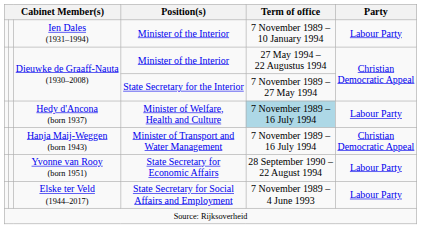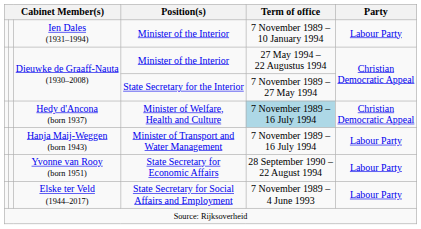 <table class="wikitable" style="text-align:center">
 <tr>
 <th colspan=3>Cabinet Member(s)</th>
 <th>Position(s)</th>
 <th>Term of office</th>
 <th>Party</th>
 </tr>
 <tr>
 <td style="background:"></td>
 <td></td>
 <td><a href='#'>Ien Dales</a> <br> <small>(1931–1994)</small></td>
 <td><a href='#'>Minister of the Interior</a></td>
 <td>7 November 1989 – <br> 10 January 1994</td>
 <td><a href='#'>Labour Party</a></td>
 </tr>
 <tr>
 <td rowspan=2 style="background:"></td>
 <td rowspan=2></td>
 <td rowspan=2><a href='#'>Dieuwke de Graaff-Nauta</a> <br> <small>(1930–2008)</small></td>
 <td><a href='#'>Minister of the Interior</a></td>
 <td>27 May 1994 – <br> 22 Augustus 1994</td>
 <td rowspan=2><a href='#'>Christian <br> Democratic Appeal</a></td>
 </tr>
 <tr>
 <td><a href='#'>State Secretary for the Interior</a></td>
 <td>7 November 1989 – <br> 27 May 1994</td>
 </tr>
 <tr>
 <td style="background:"></td>
 <td></td>
 <td><a href='#'>Hedy d'Ancona</a> <br> <small>(born 1937)</small></td>
 <td><a href='#'>Minister of Welfare, <br> Health and Culture</a></td>
 <td style="background: lightblue;">7 November 1989 – <br> 16 July 1994</td>
-<td><a href='#'>Labour Party</a></td>
+<td><a href='#'>Christian <br> Democratic Appeal</a></td>
 </tr>
 <tr>
 <td style="background:"></td>
 <td></td>
 <td><a href='#'>Hanja Maij-Weggen</a> <br> <small>(born 1943)</small></td>
 <td><a href='#'>Minister of Transport and <br> Water Management</a></td>
 <td>7 November 1989 – <br> 16 July 1994</td>
-<td><a href='#'>Christian <br> Democratic Appeal</a></td>
+<td><a href='#'>Labour Party</a></td>
 </tr>
 <tr>
 <td style="background:"></td>
 <td></td>
 <td><a href='#'>Yvonne van Rooy</a> <br> <small>(born 1951)</small></td>
 <td><a href='#'>State Secretary for <br> Economic Affairs</a></td>
 <td>28 September 1990 – <br> 22 August 1994</td>
 <td><a href='#'>Labour Party</a></td>
 </tr>
 <tr>
 <td style="background:"></td>
 <td></td>
 <td><a href='#'>Elske ter Veld</a> <br> <small>(1944–2017)</small></td>
 <td><a href='#'>State Secretary for Social <br> Affairs and Employment</a></td>
 <td>7 November 1989 – <br> 4 June 1993</td>
 <td><a href='#'>Labour Party</a></td>
 </tr>
 <tr>
 <td colspan=9><small>Source:   Rijksoverheid</small></td>
 </tr>
 </table>
